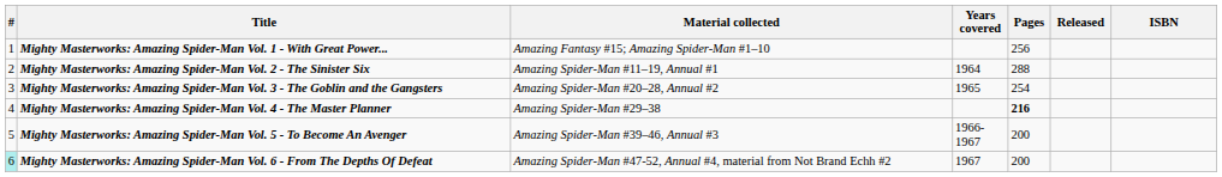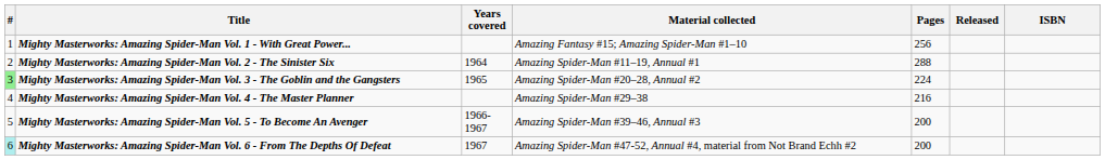 <table class="wikitable sortable" width=98%>
 <tr>
 <th width="4px">#</th>
 <th>Title</th>
+<th style="width: 4em;">Years covered</th>
 <th>Material collected</th>
-<th style="width: 4em;">Years covered</th>
 <th>Pages</th>
 <th>Released</th>
 <th class="unsortable" style="width: 8em;">ISBN</th>
 </tr>
 <tr>
 <td>1</td>
 <td><strong><em>Mighty Masterworks: Amazing Spider-Man Vol. 1 - With Great Power...</em></strong></td>
+<td></td>
 <td><em>Amazing Fantasy</em> #15; <em>Amazing Spider-Man</em> #1–10</td>
-<td></td>
 <td>256</td>
 <td></td>
 <td></td>
 </tr>
 <tr>
 <td>2</td>
 <td><strong><em>Mighty Masterworks: Amazing Spider-Man Vol. 2 - The Sinister Six</em></strong></td>
+<td>1964</td>
 <td><em>Amazing Spider-Man</em> #11–19, <em>Annual</em> #1</td>
-<td>1964</td>
 <td>288</td>
 <td></td>
 <td></td>
 </tr>
 <tr>
-<td>3</td>
+<td style="background: lightgreen;">3</td>
 <td><strong><em>Mighty Masterworks: Amazing Spider-Man Vol. 3 - The Goblin and the Gangsters</em></strong></td>
+<td>1965</td>
 <td><em>Amazing Spider-Man</em> #20–28, <em>Annual</em> #2</td>
-<td>1965</td>
-<td>254</td>
+<td>224</td>
 <td></td>
 <td></td>
 </tr>
 <tr>
 <td>4</td>
 <td><strong><em>Mighty Masterworks: Amazing Spider-Man Vol. 4 - The Master Planner</em></strong></td>
+<td></td>
 <td><em>Amazing Spider-Man</em> #29–38</td>
-<td></td>
-<td><strong>216</strong></td>
+<td>216</td>
 <td></td>
 <td></td>
 </tr>
 <tr>
 <td>5</td>
 <td><strong><em>Mighty Masterworks: Amazing Spider-Man Vol. 5 - To Become An Avenger</em></strong></td>
+<td>1966-1967</td>
 <td><em>Amazing Spider-Man</em> #39–46, <em>Annual</em> #3</td>
-<td>1966-1967</td>
 <td>200</td>
 <td></td>
 <td></td>
 </tr>
 <tr>
 <td style="background: paleturquoise;">6</td>
 <td><strong><em>Mighty Masterworks: Amazing Spider-Man Vol. 6 - From The Depths Of Defeat</em></strong></td>
+<td>1967</td>
 <td><em>Amazing Spider-Man</em> #47-52, <em>Annual</em> #4, material from Not Brand Echh #2</td>
-<td>1967</td>
 <td>200</td>
 <td></td>
 <td></td>
 </tr>
 </table>
